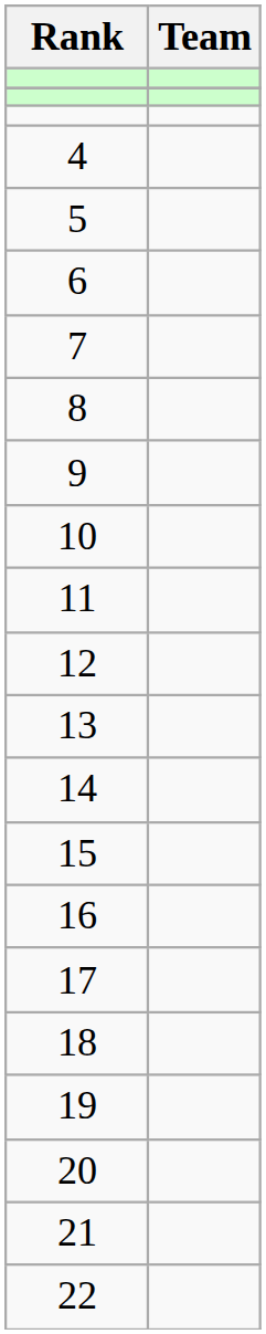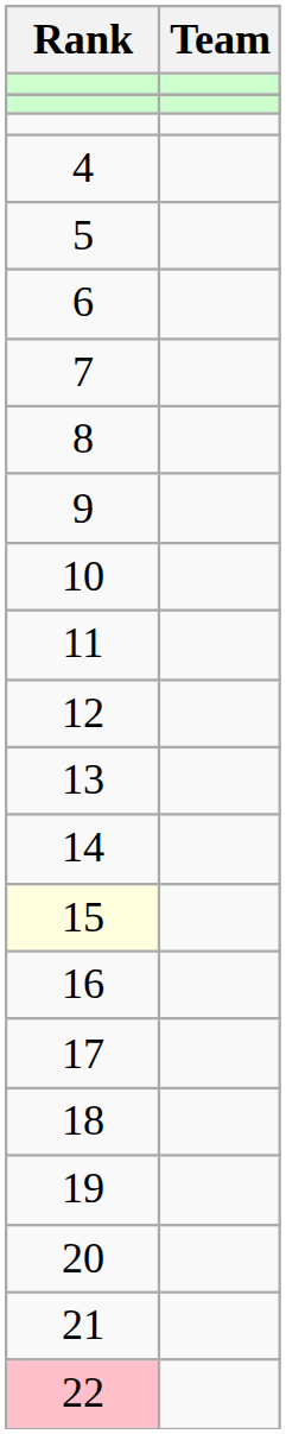 <table class="wikitable" style="text-align: center">
 <tr>
 <th width=50>Rank</th>
 <th>Team</th>
 </tr>
 <tr bgcolor=ccffcc>
 <td></td>
 <td align=left></td>
 </tr>
 <tr>
 </tr>
 <tr bgcolor=ccffcc>
 <td></td>
 <td align=left></td>
 </tr>
 <tr>
 <td></td>
 <td align=left></td>
 </tr>
 <tr>
 <td>4</td>
 <td align=left></td>
 </tr>
 <tr>
 <td>5</td>
 <td align=left></td>
 </tr>
 <tr>
 <td>6</td>
 <td align=left></td>
 </tr>
 <tr>
 <td>7</td>
 <td align=left></td>
 </tr>
 <tr>
 <td>8</td>
 <td align=left></td>
 </tr>
 <tr>
 <td>9</td>
 <td align=left></td>
 </tr>
 <tr>
 <td>10</td>
 <td align=left></td>
 </tr>
 <tr>
 <td>11</td>
 <td align=left></td>
 </tr>
 <tr>
 <td>12</td>
 <td align=left></td>
 </tr>
 <tr>
 <td>13</td>
 <td align=left></td>
 </tr>
 <tr>
 <td>14</td>
 <td align=left></td>
 </tr>
 <tr>
-<td>15</td>
+<td style="background: lightyellow;">15</td>
 <td align=left></td>
 </tr>
 <tr>
 <td>16</td>
 <td align=left></td>
 </tr>
 <tr>
 <td>17</td>
 <td align=left></td>
 </tr>
 <tr>
 <td>18</td>
 <td align=left></td>
 </tr>
 <tr>
 <td>19</td>
 <td align=left></td>
 </tr>
 <tr>
 <td>20</td>
 <td align=left></td>
 </tr>
 <tr>
 <td>21</td>
 <td align=left></td>
 </tr>
 <tr>
-<td>22</td>
+<td style="background: pink;">22</td>
 <td align=left></td>
 </tr>
 </table>
